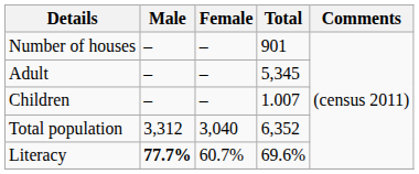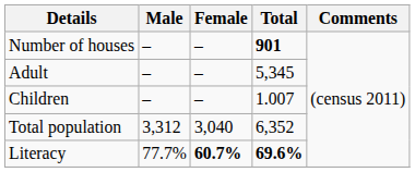 <table class="wikitable sortable">
 <tr>
 <th>Details</th>
 <th>Male</th>
 <th>Female</th>
 <th>Total</th>
 <th>Comments</th>
 </tr>
 <tr>
 <td>Number of houses</td>
 <td>–</td>
 <td>–</td>
-<td>901</td>
+<td><strong>901</strong></td>
 <td rowspan="5">(census 2011)</td>
 </tr>
 <tr>
 <td>Adult</td>
 <td>–</td>
 <td>–</td>
 <td>5,345</td>
 </tr>
 <tr>
 <td>Children</td>
 <td>–</td>
 <td>–</td>
 <td>1.007</td>
 </tr>
 <tr>
 <td>Total population</td>
 <td>3,312</td>
 <td>3,040</td>
 <td>6,352</td>
 </tr>
 <tr>
 <td>Literacy</td>
-<td><strong>77.7%</strong></td>
-<td>60.7%</td>
-<td>69.6%</td>
+<td>77.7%</td>
+<td><strong>60.7%</strong></td>
+<td><strong>69.6%</strong></td>
 </tr>
 <tr>
 </tr>
 </table>
